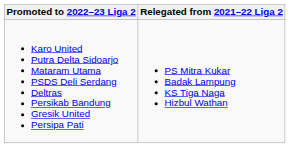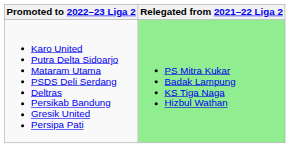 <table class="wikitable">
 <tr>
 <th> Promoted to <a href='#'>2022–23 Liga 2</a></th>
 <th> Relegated from <a href='#'>2021–22 Liga 2</a></th>
 </tr>
 <tr>
 <td><br><ul><li><a href='#'>Karo United</a> </li><li><a href='#'>Putra Delta Sidoarjo</a> </li><li><a href='#'>Mataram Utama</a> </li><li><a href='#'>PSDS Deli Serdang</a></li><li><a href='#'>Deltras</a></li><li><a href='#'>Persikab Bandung</a></li><li><a href='#'>Gresik United</a></li><li><a href='#'>Persipa Pati</a></li></ul></td>
-<td><br><ul><li><a href='#'>PS Mitra Kukar</a></li><li><a href='#'>Badak Lampung</a></li><li><a href='#'>KS Tiga Naga</a></li><li><a href='#'>Hizbul Wathan</a></li></ul></td>
+<td style="background: lightgreen;"><br><ul><li><a href='#'>PS Mitra Kukar</a></li><li><a href='#'>Badak Lampung</a></li><li><a href='#'>KS Tiga Naga</a></li><li><a href='#'>Hizbul Wathan</a></li></ul></td>
 </tr>
 </table>
